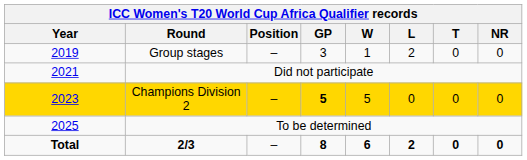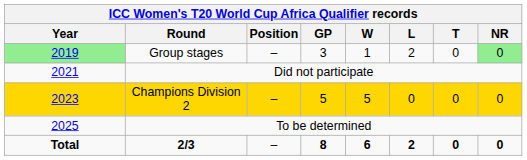 <table class="wikitable" style="text-align: center; width=900px;">
 <tr>
 <th colspan=9><a href='#'>ICC Women's T20 World Cup Africa Qualifier</a> records</th>
 </tr>
 <tr>
 <th width=150>Year</th>
 <th width=150>Round</th>
 <th width=50>Position</th>
 <th width=50>GP</th>
 <th width=50>W</th>
 <th width=50>L</th>
 <th width=50>T</th>
 <th width=50>NR</th>
 </tr>
 <tr>
-<td> <a href='#'>2019</a></td>
+<td style="background: lightgreen;"> <a href='#'>2019</a></td>
 <td>Group stages</td>
 <td>–</td>
 <td>3</td>
 <td>1</td>
 <td>2</td>
 <td>0</td>
-<td>0</td>
+<td style="background: lightgreen;">0</td>
 </tr>
 <tr>
 <td> <a href='#'>2021</a></td>
 <td colspan=8>Did not participate</td>
 </tr>
 <tr bgcolor=gold>
 <td> <a href='#'>2023</a></td>
 <td>Champions Division 2</td>
 <td>–</td>
-<td><strong>5</strong></td>
+<td>5</td>
 <td>5</td>
 <td>0</td>
 <td>0</td>
 <td>0</td>
 </tr>
 <tr>
 <td> <a href='#'>2025</a></td>
 <td colspan=8>To be determined</td>
 </tr>
 <tr>
 <td><strong>Total</strong></td>
 <td><strong>2/3</strong></td>
 <td>–</td>
 <td><strong>8</strong></td>
 <td><strong>6</strong></td>
 <td><strong>2</strong></td>
 <td><strong>0</strong></td>
 <td><strong>0</strong></td>
 </tr>
 </table>
